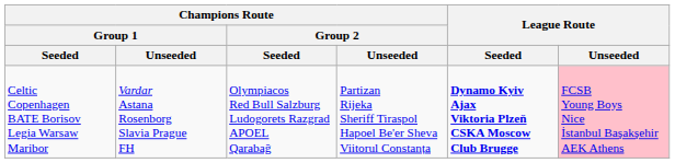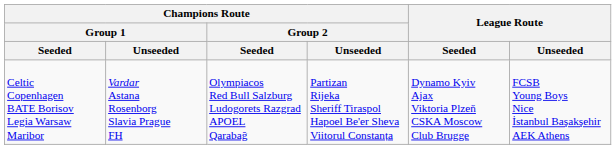 <table class="wikitable" style="font-size:80%">
 <tr>
 <th colspan=4>Champions Route</th>
 <th colspan=2 rowspan=2>League Route</th>
 </tr>
 <tr>
 <th colspan=2>Group 1</th>
 <th colspan=2>Group 2</th>
 </tr>
 <tr>
 <th width=16%>Seeded</th>
 <th width=16%>Unseeded</th>
 <th width=16%>Seeded</th>
 <th width=16%>Unseeded</th>
 <th width=16%>Seeded</th>
 <th width=16%>Unseeded</th>
 </tr>
 <tr>
 <td valign=top><br> <a href='#'>Celtic</a><br>  <a href='#'>Copenhagen</a><br>  <a href='#'>BATE Borisov</a><br>  <a href='#'>Legia Warsaw</a><br>  <a href='#'>Maribor</a></td>
 <td valign=top><br> <em><a href='#'>Vardar</a></em><br>  <a href='#'>Astana</a><br>  <a href='#'>Rosenborg</a><br>  <a href='#'>Slavia Prague</a><br>  <a href='#'>FH</a></td>
 <td valign=top><br> <a href='#'>Olympiacos</a><br>  <a href='#'>Red Bull Salzburg</a><br>  <a href='#'>Ludogorets Razgrad</a><br>  <a href='#'>APOEL</a><br>  <a href='#'>Qarabağ</a></td>
 <td valign=top><br> <a href='#'>Partizan</a><br>  <a href='#'>Rijeka</a><br>  <a href='#'>Sheriff Tiraspol</a><br>  <a href='#'>Hapoel Be'er Sheva</a><br>  <a href='#'>Viitorul Constanța</a></td>
-<td valign=top><strong><br> <a href='#'>Dynamo Kyiv</a><br>  <a href='#'>Ajax</a><br>  <a href='#'>Viktoria Plzeň</a><br>  <a href='#'>CSKA Moscow</a><br>  <a href='#'>Club Brugge</a></strong></td>
-<td valign=top style="background: pink;"><br> <a href='#'>FCSB</a><br>  <a href='#'>Young Boys</a><br>  <a href='#'>Nice</a><br>  <a href='#'>İstanbul Başakşehir</a><br>  <a href='#'>AEK Athens</a></td>
+<td valign=top><br> <a href='#'>Dynamo Kyiv</a><br>  <a href='#'>Ajax</a><br>  <a href='#'>Viktoria Plzeň</a><br>  <a href='#'>CSKA Moscow</a><br>  <a href='#'>Club Brugge</a></td>
+<td valign=top><br> <a href='#'>FCSB</a><br>  <a href='#'>Young Boys</a><br>  <a href='#'>Nice</a><br>  <a href='#'>İstanbul Başakşehir</a><br>  <a href='#'>AEK Athens</a></td>
 </tr>
 </table>
